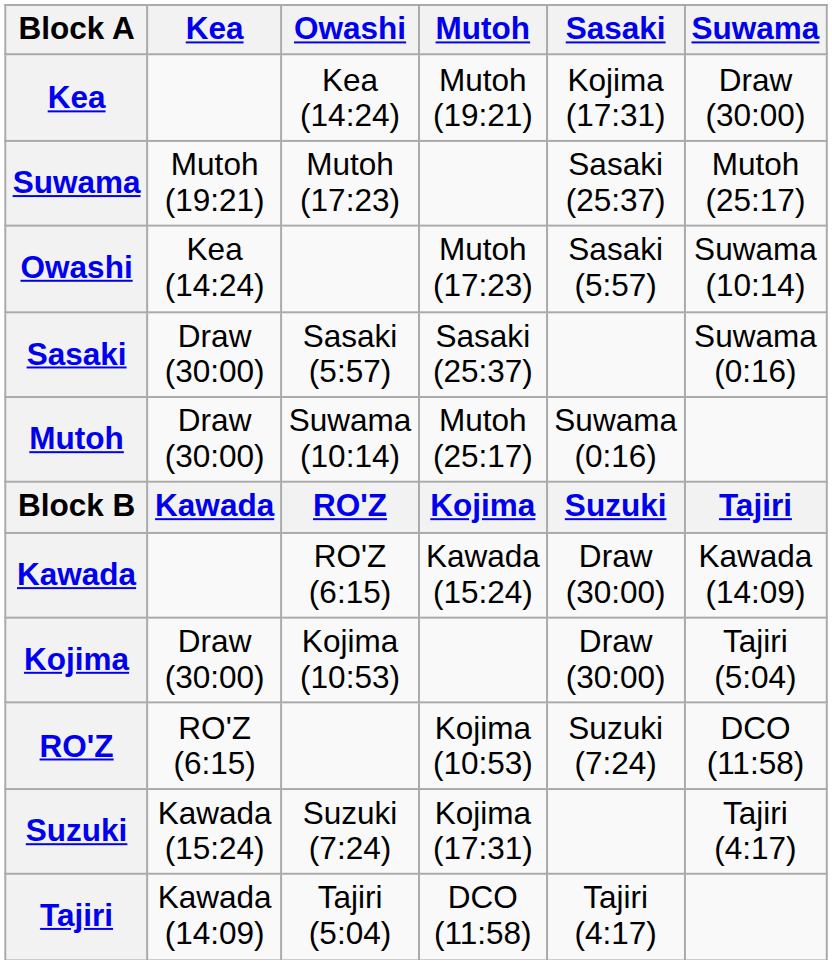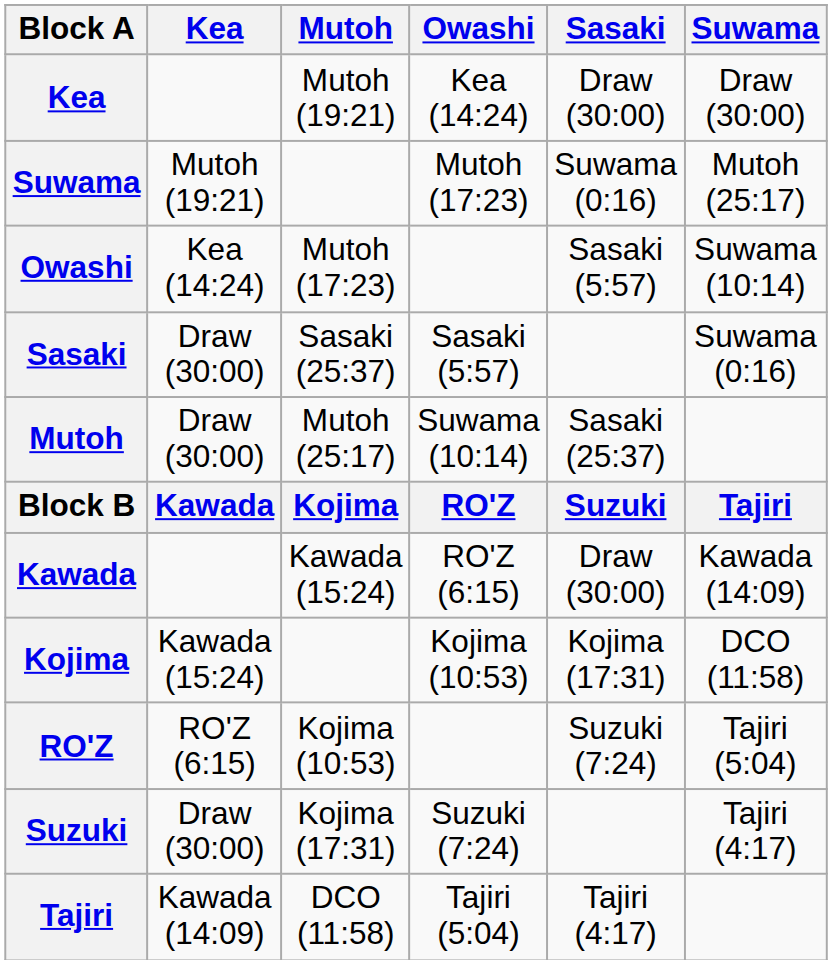 <table class="wikitable" style="margin: 1em auto 1em auto;text-align:center">
 <tr>
 <th>Block A</th>
 <th><a href='#'>Kea</a></th>
+<th><a href='#'>Mutoh</a></th>
 <th><a href='#'>Owashi</a></th>
-<th><a href='#'>Mutoh</a></th>
 <th><a href='#'>Sasaki</a></th>
 <th><a href='#'>Suwama</a></th>
 </tr>
 <tr>
 <th><a href='#'>Kea</a></th>
 <td></td>
+<td>Mutoh<br>(19:21)</td>
 <td>Kea<br>(14:24)</td>
-<td>Mutoh<br>(19:21)</td>
-<td>Kojima<br>(17:31)</td>
+<td>Draw<br>(30:00)</td>
 <td>Draw<br>(30:00)</td>
 </tr>
 <tr>
 <th><a href='#'>Suwama</a></th>
 <td>Mutoh<br>(19:21)</td>
+<td></td>
 <td>Mutoh<br>(17:23)</td>
-<td></td>
-<td>Sasaki<br>(25:37)</td>
+<td>Suwama<br>(0:16)</td>
 <td>Mutoh<br>(25:17)</td>
 </tr>
 <tr>
 <th><a href='#'>Owashi</a></th>
 <td>Kea<br>(14:24)</td>
+<td>Mutoh<br>(17:23)</td>
 <td></td>
-<td>Mutoh<br>(17:23)</td>
 <td>Sasaki<br>(5:57)</td>
 <td>Suwama<br>(10:14)</td>
 </tr>
 <tr>
 <th><a href='#'>Sasaki</a></th>
 <td>Draw<br>(30:00)</td>
+<td>Sasaki<br>(25:37)</td>
 <td>Sasaki<br>(5:57)</td>
-<td>Sasaki<br>(25:37)</td>
 <td></td>
 <td>Suwama<br>(0:16)</td>
 </tr>
 <tr>
 <th><a href='#'>Mutoh</a></th>
 <td>Draw<br>(30:00)</td>
+<td>Mutoh<br>(25:17)</td>
 <td>Suwama<br>(10:14)</td>
-<td>Mutoh<br>(25:17)</td>
-<td>Suwama<br>(0:16)</td>
+<td>Sasaki<br>(25:37)</td>
 <td></td>
 </tr>
 <tr>
 <th>Block B</th>
 <th><a href='#'>Kawada</a></th>
+<th><a href='#'>Kojima</a></th>
 <th><a href='#'>RO'Z</a></th>
-<th><a href='#'>Kojima</a></th>
 <th><a href='#'>Suzuki</a></th>
 <th><a href='#'>Tajiri</a></th>
 </tr>
 <tr>
 <th><a href='#'>Kawada</a></th>
 <td></td>
+<td>Kawada<br>(15:24)</td>
 <td>RO'Z<br>(6:15)</td>
-<td>Kawada<br>(15:24)</td>
 <td>Draw<br>(30:00)</td>
 <td>Kawada<br>(14:09)</td>
 </tr>
 <tr>
 <th><a href='#'>Kojima</a></th>
-<td>Draw<br>(30:00)</td>
+<td>Kawada<br>(15:24)</td>
+<td></td>
 <td>Kojima<br>(10:53)</td>
-<td></td>
-<td>Draw<br>(30:00)</td>
-<td>Tajiri<br>(5:04)</td>
+<td>Kojima<br>(17:31)</td>
+<td>DCO<br>(11:58)</td>
 </tr>
 <tr>
 <th><a href='#'>RO'Z</a></th>
 <td>RO'Z<br>(6:15)</td>
+<td>Kojima<br>(10:53)</td>
 <td></td>
-<td>Kojima<br>(10:53)</td>
 <td>Suzuki<br>(7:24)</td>
-<td>DCO<br>(11:58)</td>
+<td>Tajiri<br>(5:04)</td>
 </tr>
 <tr>
 <th><a href='#'>Suzuki</a></th>
-<td>Kawada<br>(15:24)</td>
+<td>Draw<br>(30:00)</td>
+<td>Kojima<br>(17:31)</td>
 <td>Suzuki<br>(7:24)</td>
-<td>Kojima<br>(17:31)</td>
 <td></td>
 <td>Tajiri<br>(4:17)</td>
 </tr>
 <tr>
 <th><a href='#'>Tajiri</a></th>
 <td>Kawada<br>(14:09)</td>
+<td>DCO<br>(11:58)</td>
 <td>Tajiri<br>(5:04)</td>
-<td>DCO<br>(11:58)</td>
 <td>Tajiri<br>(4:17)</td>
 <td></td>
 </tr>
 </table>
